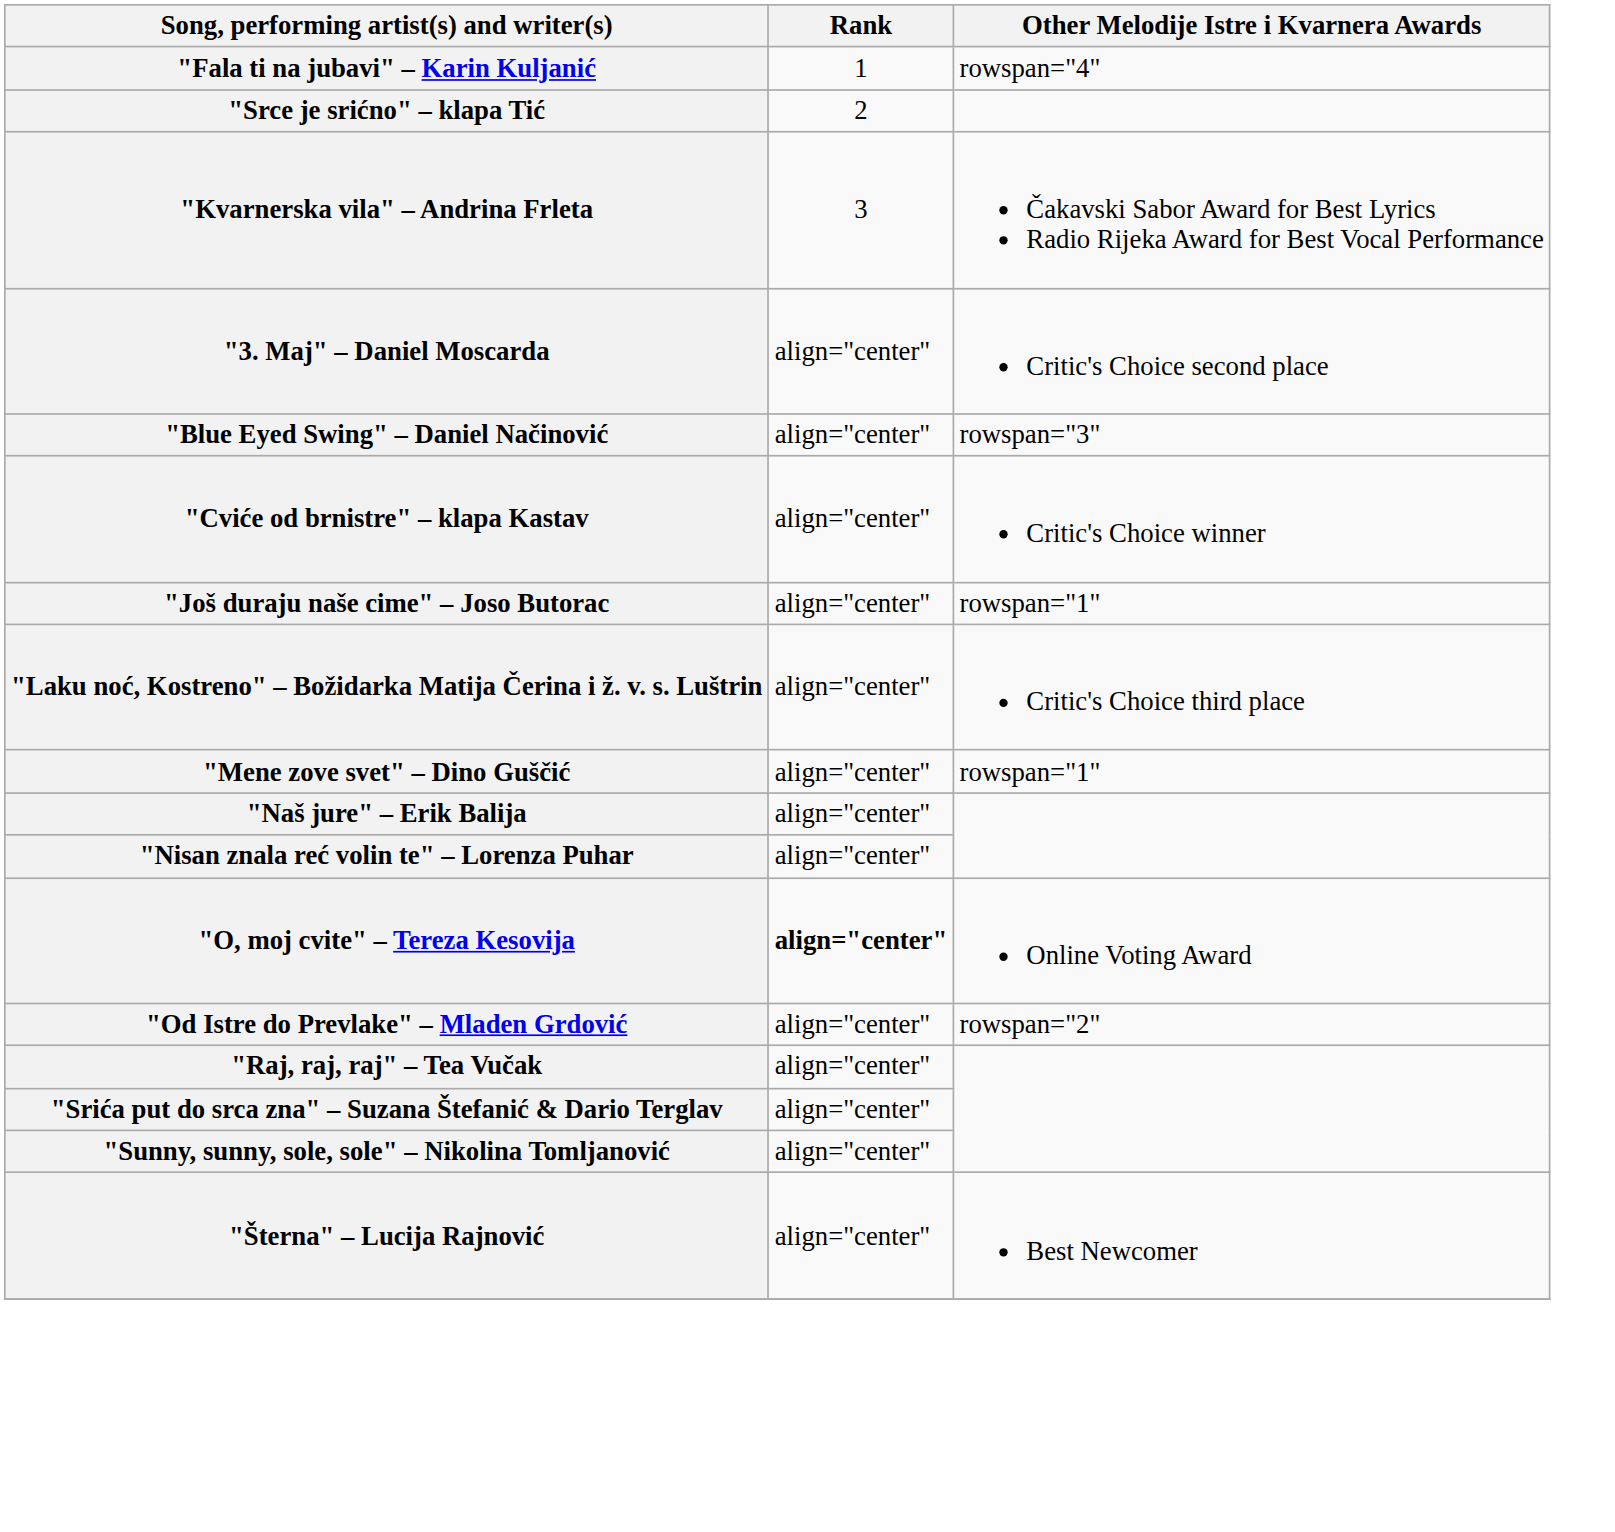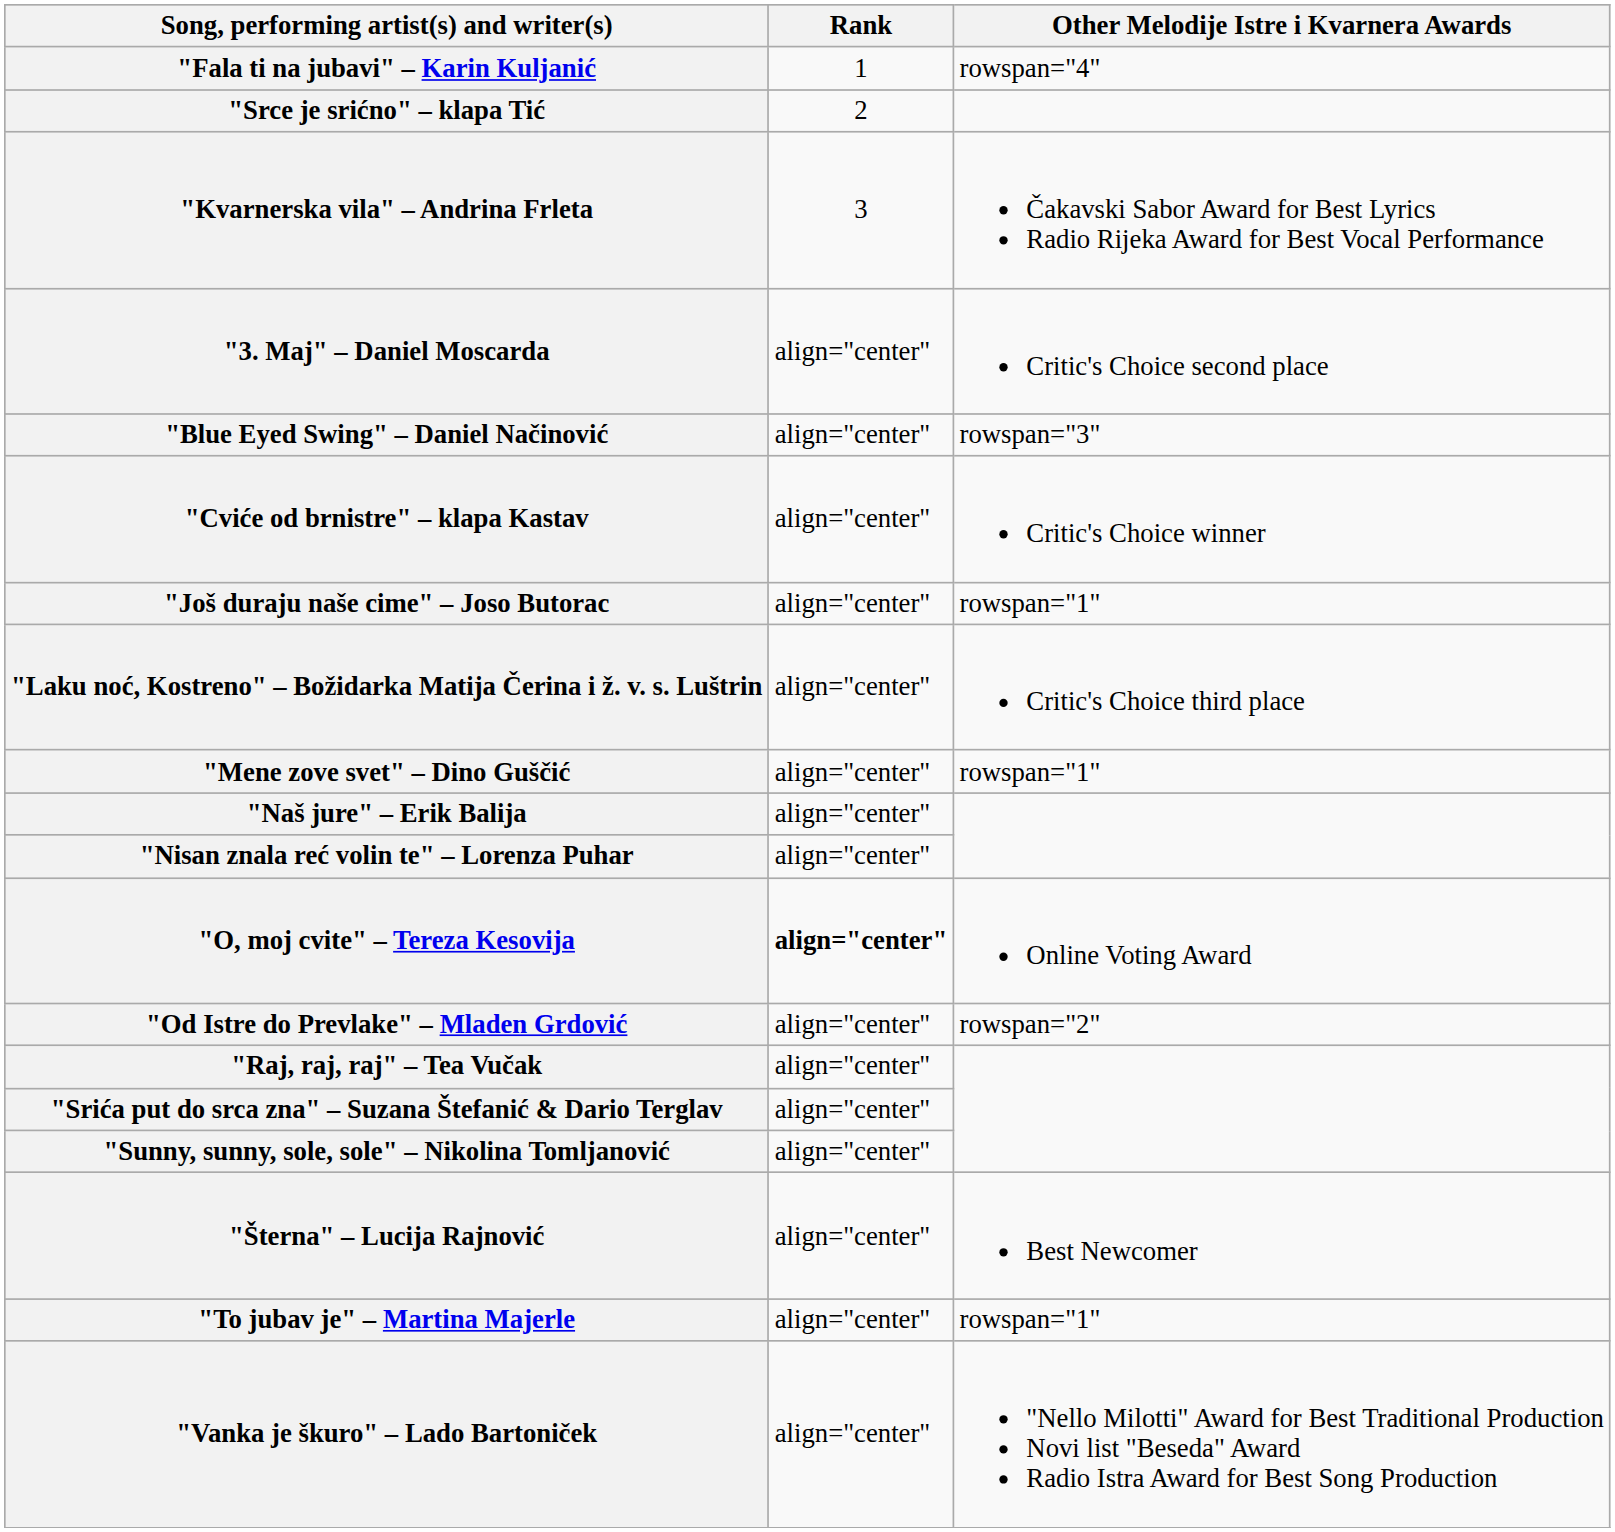 <table class="plainrowheaders wikitable" style="">
 <tr>
 <th>Song, performing artist(s) and writer(s)</th>
 <th>Rank</th>
 <th>Other Melodije Istre i Kvarnera Awards</th>
 </tr>
 <tr>
 <th scope="row">"Fala ti na jubavi" – <a href='#'>Karin Kuljanić</a><br></th>
 <td align="center">1</td>
 <td>rowspan="4" </td>
 </tr>
 <tr>
 <th scope="row">"Srce je srićno" – klapa Tić<br></th>
 <td align="center">2</td>
 </tr>
 <tr>
 <th scope="row">"Kvarnerska vila" – Andrina Frleta<br></th>
 <td align="center">3</td>
 <td><br><ul><li>Čakavski Sabor Award for Best Lyrics</li><li>Radio Rijeka Award for Best Vocal Performance</li></ul></td>
 </tr>
 <tr>
 <th scope="row">"3. Maj" – Daniel Moscarda<br></th>
 <td>align="center" </td>
 <td><br><ul><li>Critic's Choice second place</li></ul></td>
 </tr>
 <tr>
 <th scope="row">"Blue Eyed Swing" – Daniel Načinović<br></th>
 <td>align="center" </td>
 <td>rowspan="3" </td>
 </tr>
 <tr>
 <th scope="row">"Cviće od brnistre" – klapa Kastav<br></th>
 <td>align="center" </td>
 <td><br><ul><li>Critic's Choice winner</li></ul></td>
 </tr>
 <tr>
 <th scope="row">"Još duraju naše cime" – Joso Butorac<br></th>
 <td>align="center" </td>
 <td>rowspan="1" </td>
 </tr>
 <tr>
 <th scope="row">"Laku noć, Kostreno" – Božidarka Matija Čerina i ž. v. s. Luštrin<br></th>
 <td>align="center" </td>
 <td><br><ul><li>Critic's Choice third place</li></ul></td>
 </tr>
 <tr>
 <th scope="row">"Mene zove svet" – Dino Guščić<br></th>
 <td>align="center" </td>
 <td>rowspan="1" </td>
 </tr>
 <tr>
 <th scope="row">"Naš jure" – Erik Balija<br></th>
 <td>align="center" </td>
 </tr>
 <tr>
 <th scope="row">"Nisan znala reć volin te" – Lorenza Puhar<br></th>
 <td>align="center" </td>
 </tr>
 <tr>
 <th scope="row">"O, moj cvite" – <a href='#'>Tereza Kesovija</a><br></th>
 <td><strong>align="center" </strong></td>
 <td><br><ul><li>Online Voting Award</li></ul></td>
 </tr>
 <tr>
 <th scope="row">"Od Istre do Prevlake" – <a href='#'>Mladen Grdović</a><br></th>
 <td>align="center" </td>
 <td>rowspan="2" </td>
 </tr>
 <tr>
 <th scope="row">"Raj, raj, raj" – Tea Vučak<br></th>
 <td>align="center" </td>
 </tr>
 <tr>
 <th scope="row">"Srića put do srca zna" – Suzana Štefanić & Dario Terglav<br></th>
 <td>align="center" </td>
 </tr>
 <tr>
 <th scope="row">"Sunny, sunny, sole, sole" – Nikolina Tomljanović<br></th>
 <td>align="center" </td>
 </tr>
 <tr>
 <th scope="row">"Šterna" – Lucija Rajnović<br></th>
 <td>align="center" </td>
 <td><br><ul><li>Best Newcomer</li></ul></td>
 </tr>
 <tr>
+<th scope="row">"To jubav je" – <a href='#'>Martina Majerle</a><br></th>
+<td>align="center" </td>
+<td>rowspan="1" </td>
+</tr>
+<tr>
+<th scope="row">"Vanka je škuro" – Lado Bartoniček<br></th>
+<td>align="center" </td>
+<td><br><ul><li>"Nello Milotti" Award for Best Traditional Production</li><li>Novi list "Beseda" Award</li><li>Radio Istra Award for Best Song Production</li></ul></td>
+</tr>
+<tr>
 </tr>
 </table>
